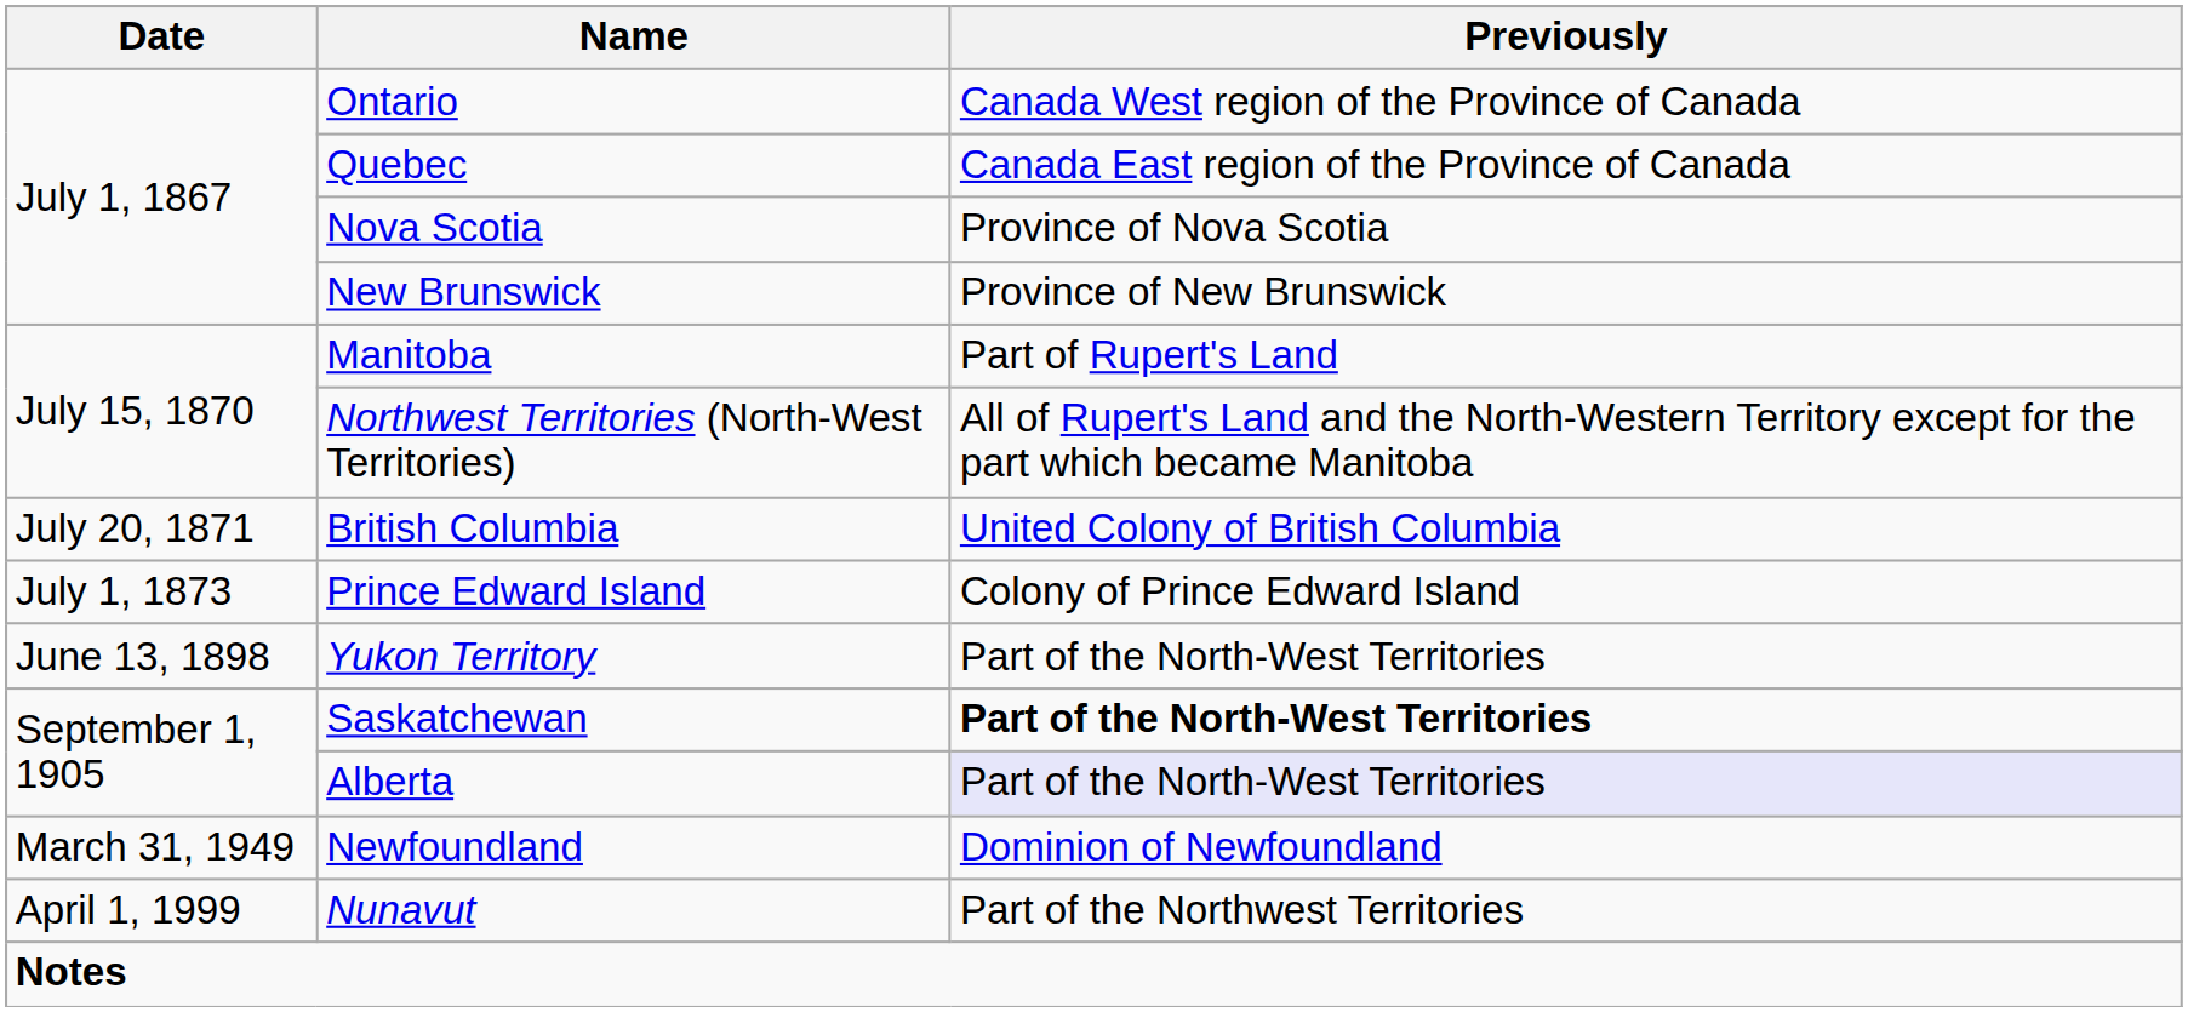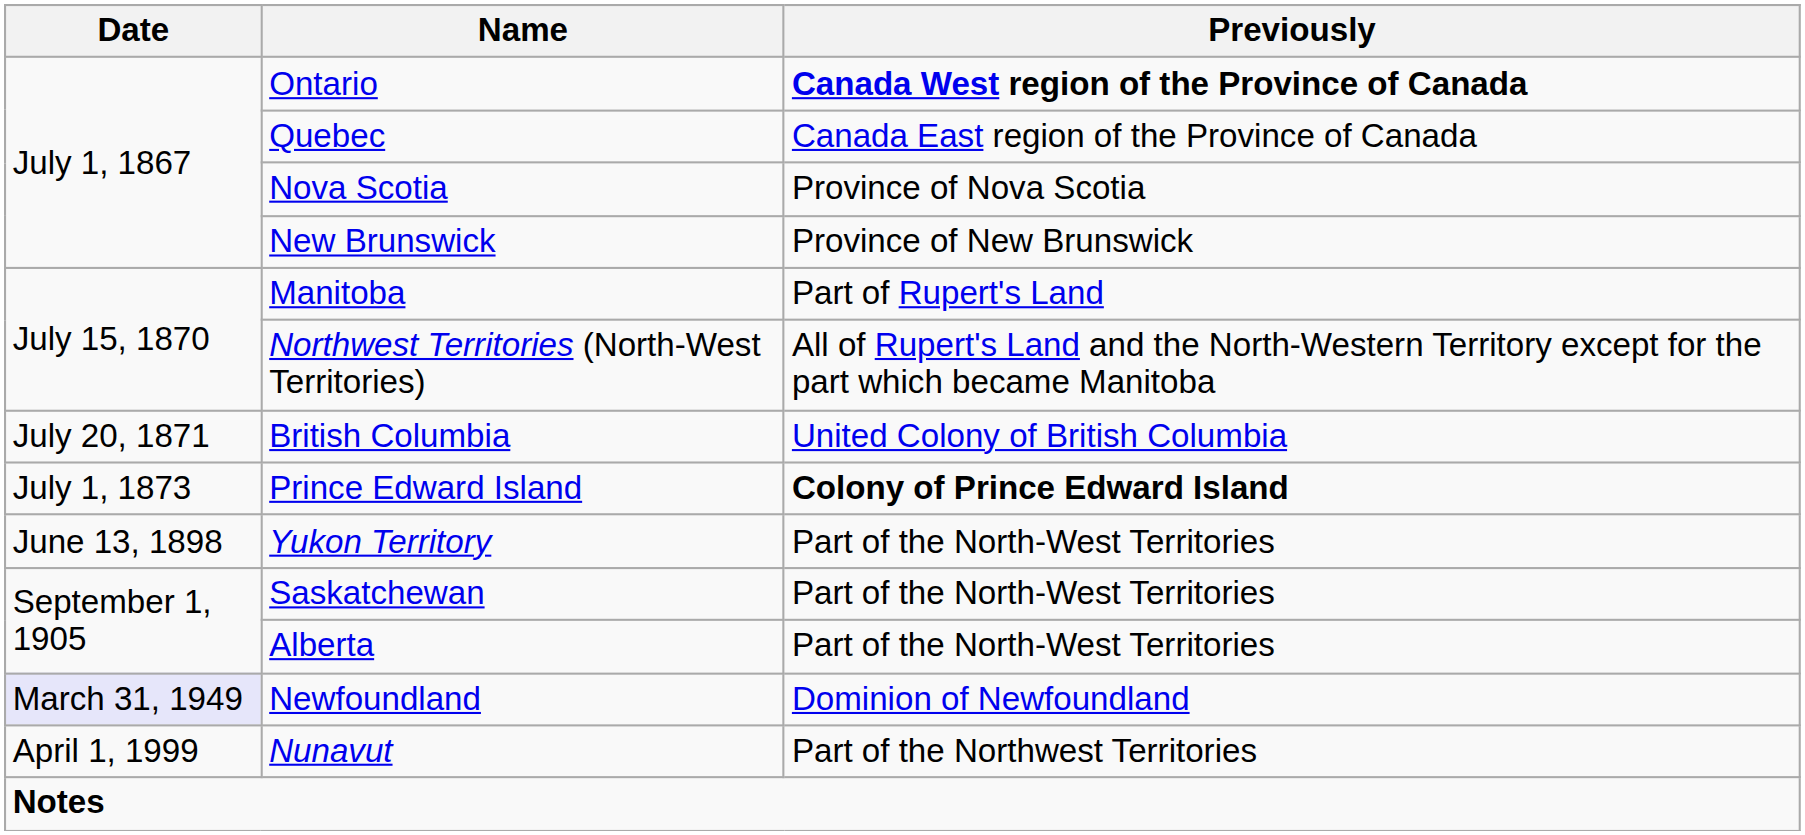 <table class="wikitable">
 <tr style="background: #efefef;">
 <th>Date</th>
 <th>Name</th>
 <th>Previously</th>
 </tr>
 <tr>
 <td rowspan = "4">July 1, 1867</td>
 <td><a href='#'>Ontario</a></td>
-<td><a href='#'>Canada West</a> region of the Province of Canada</td>
+<td><strong><a href='#'>Canada West</a> region of the Province of Canada</strong></td>
 </tr>
 <tr>
 <td><a href='#'>Quebec</a></td>
 <td><a href='#'>Canada East</a> region of the Province of Canada</td>
 </tr>
 <tr>
 <td><a href='#'>Nova Scotia</a></td>
 <td>Province of Nova Scotia</td>
 </tr>
 <tr>
 <td><a href='#'>New Brunswick</a></td>
 <td>Province of New Brunswick</td>
 </tr>
 <tr>
 <td rowspan = "2">July 15, 1870</td>
 <td><a href='#'>Manitoba</a></td>
 <td>Part of <a href='#'>Rupert's Land</a></td>
 </tr>
 <tr>
 <td><em><a href='#'>Northwest Territories</a></em> (North-West Territories)</td>
 <td>All of <a href='#'>Rupert's Land</a> and the North-Western Territory except for the part which became Manitoba</td>
 </tr>
 <tr>
 <td>July 20, 1871</td>
 <td><a href='#'>British Columbia</a></td>
 <td><a href='#'>United Colony of British Columbia</a></td>
 </tr>
 <tr>
 <td>July 1, 1873</td>
 <td><a href='#'>Prince Edward Island</a></td>
-<td>Colony of Prince Edward Island</td>
+<td><strong>Colony of Prince Edward Island</strong></td>
 </tr>
 <tr>
 <td>June 13, 1898</td>
 <td><em><a href='#'>Yukon Territory</a></em></td>
 <td>Part of the North-West Territories</td>
 </tr>
 <tr>
 <td rowspan = "2">September 1, 1905</td>
 <td><a href='#'>Saskatchewan</a></td>
-<td><strong>Part of the North-West Territories</strong></td>
+<td>Part of the North-West Territories</td>
 </tr>
 <tr>
 <td><a href='#'>Alberta</a></td>
-<td style="background: lavender;">Part of the North-West Territories</td>
+<td>Part of the North-West Territories</td>
 </tr>
 <tr>
-<td>March 31, 1949</td>
+<td style="background: lavender;">March 31, 1949</td>
 <td><a href='#'>Newfoundland</a></td>
 <td><a href='#'>Dominion of Newfoundland</a></td>
 </tr>
 <tr>
 <td>April 1, 1999</td>
 <td><em><a href='#'>Nunavut</a></em></td>
 <td>Part of the Northwest Territories</td>
 </tr>
 <tr>
 <td colspan = "3"><strong>Notes</strong><br> </td>
 </tr>
 </table>
